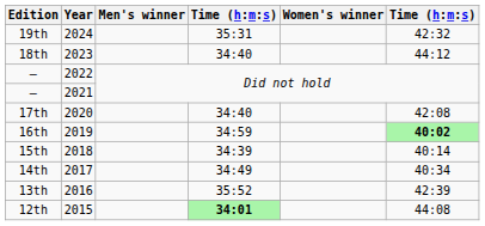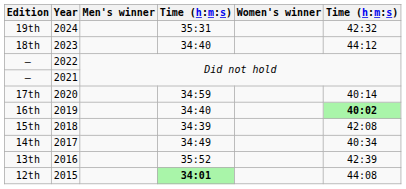 <table class="wikitable sortable" style="text-align:center">
 <tr>
 <th class=unsortable>Edition</th>
 <th>Year</th>
 <th class=unsortable>Men's winner</th>
 <th>Time (<a href='#'>h</a>:<a href='#'>m</a>:<a href='#'>s</a>)</th>
 <th class=unsortable>Women's winner</th>
 <th>Time (<a href='#'>h</a>:<a href='#'>m</a>:<a href='#'>s</a>)</th>
 </tr>
 <tr>
 <td>19th</td>
 <td>2024</td>
 <td align=left></td>
 <td>35:31</td>
 <td align=left></td>
 <td>42:32</td>
 </tr>
 <tr>
 <td>18th</td>
 <td>2023</td>
 <td align=left></td>
 <td>34:40</td>
 <td align=left></td>
 <td>44:12</td>
 </tr>
 <tr>
 <td>–</td>
 <td>2022</td>
 <td rowspan=2 colspan=4 align-text=center><em>Did not hold</em></td>
 </tr>
 <tr>
 <td>–</td>
 <td>2021</td>
 </tr>
 <tr>
 <td>17th</td>
 <td>2020</td>
 <td align=left></td>
-<td>34:40</td>
+<td>34:59</td>
 <td align=left></td>
-<td>42:08</td>
+<td>40:14</td>
 </tr>
 <tr>
 <td>16th</td>
 <td>2019</td>
 <td align=left></td>
-<td>34:59</td>
+<td>34:40</td>
 <td align=left></td>
 <td bgcolor=#A9F5A9><strong>40:02</strong></td>
 </tr>
 <tr>
 <td>15th</td>
 <td>2018</td>
 <td align=left></td>
 <td>34:39</td>
 <td align=left></td>
-<td>40:14</td>
+<td>42:08</td>
 </tr>
 <tr>
 <td>14th</td>
 <td>2017</td>
 <td align=left></td>
 <td>34:49</td>
 <td align=left></td>
 <td>40:34</td>
 </tr>
 <tr>
 <td>13th</td>
 <td>2016</td>
 <td align=left></td>
 <td>35:52</td>
 <td align=left></td>
 <td>42:39</td>
 </tr>
 <tr>
 <td>12th</td>
 <td>2015</td>
 <td align=left></td>
 <td bgcolor=#A9F5A9><strong>34:01</strong></td>
 <td align=left></td>
 <td>44:08</td>
 </tr>
 </table>
